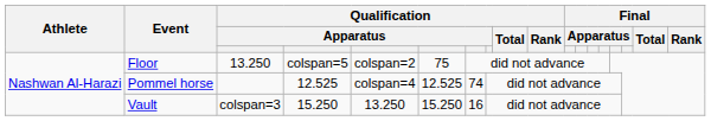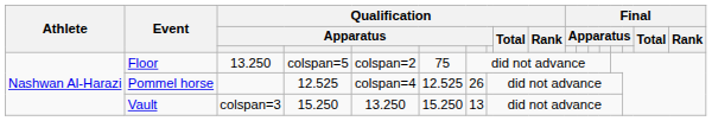 <table class="wikitable" style="font-size:90%">
 <tr>
 <th rowspan=3>Athlete</th>
 <th rowspan=3>Event</th>
 <th colspan =8>Qualification</th>
 <th colspan =8>Final</th>
 </tr>
 <tr style="font-size:95%">
 <th colspan=6>Apparatus</th>
 <th rowspan=2>Total</th>
 <th rowspan=2>Rank</th>
 <th colspan=6>Apparatus</th>
 <th rowspan=2>Total</th>
 <th rowspan=2>Rank</th>
 </tr>
 <tr style="font-size:95%">
 <th></th>
 <th></th>
 <th></th>
 <th></th>
 <th></th>
 <th></th>
 <th></th>
 <th></th>
 <th></th>
 <th></th>
 <th></th>
 <th></th>
 </tr>
 <tr align=center>
 <td align=left rowspan=3><a href='#'>Nashwan Al-Harazi</a></td>
 <td align=left><a href='#'>Floor</a></td>
 <td>13.250</td>
 <td>colspan=5 </td>
 <td>colspan=2 </td>
 <td>75</td>
 <td colspan=8>did not advance</td>
 </tr>
 <tr align=center>
 <td align=left><a href='#'>Pommel horse</a></td>
 <td></td>
 <td>12.525</td>
 <td>colspan=4 </td>
 <td>12.525</td>
-<td>74</td>
+<td>26</td>
 <td colspan=8>did not advance</td>
 </tr>
 <tr align=center>
 <td align=left><a href='#'>Vault</a></td>
 <td>colspan=3 </td>
 <td>15.250</td>
 <td>13.250</td>
 <td>15.250</td>
-<td>16</td>
+<td>13</td>
 <td colspan=8>did not advance</td>
 </tr>
 </table>
